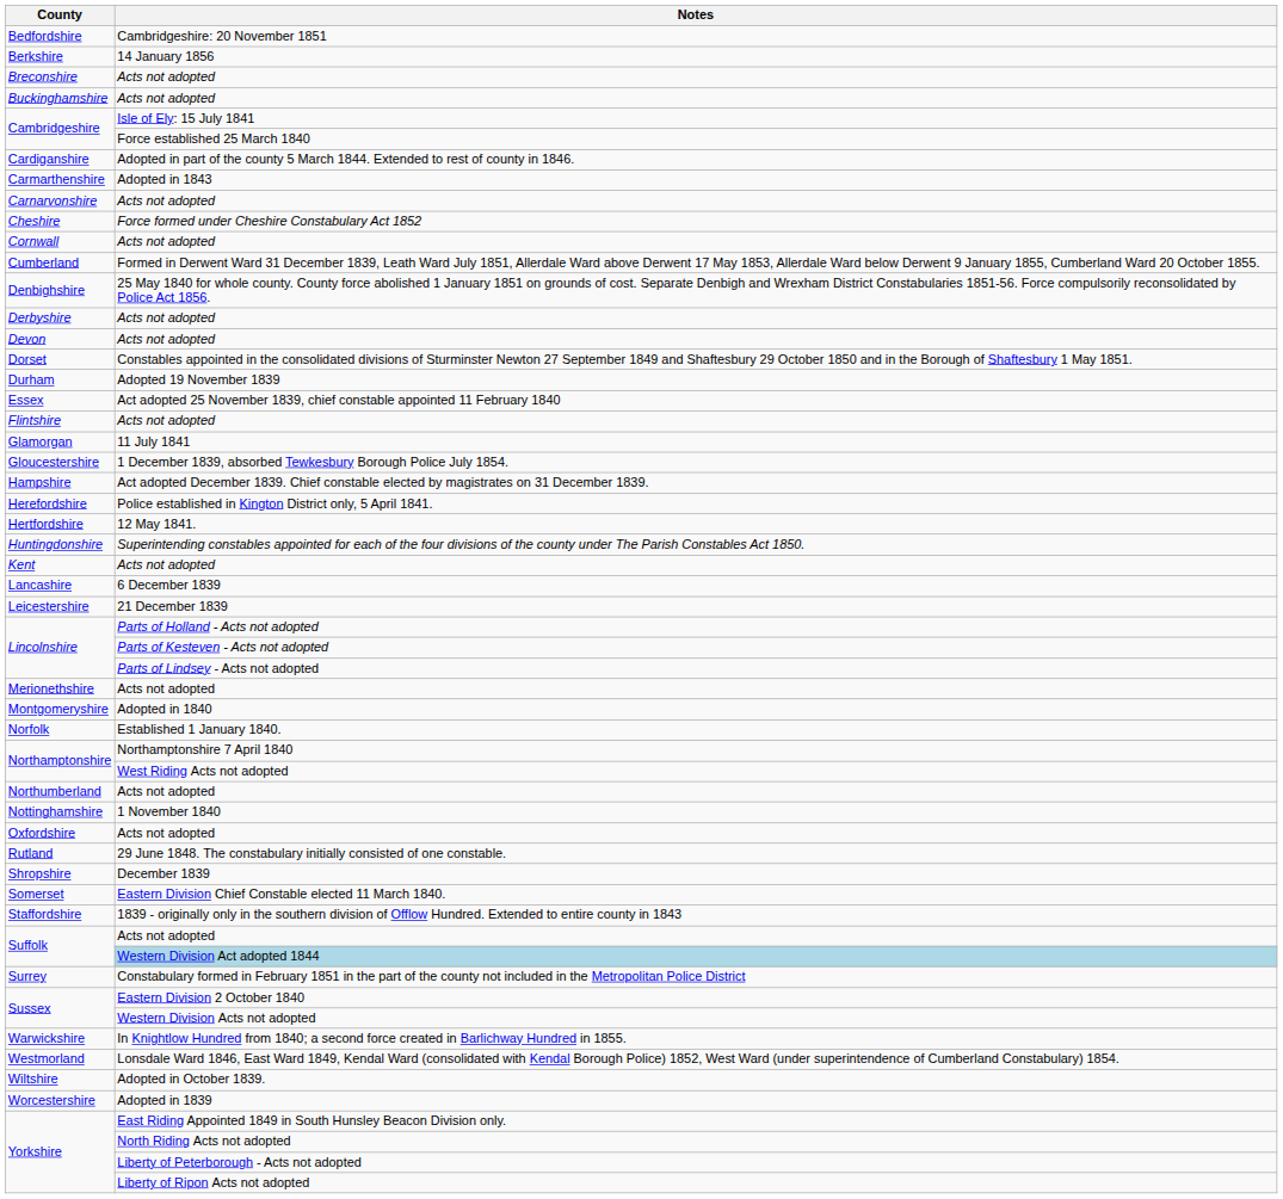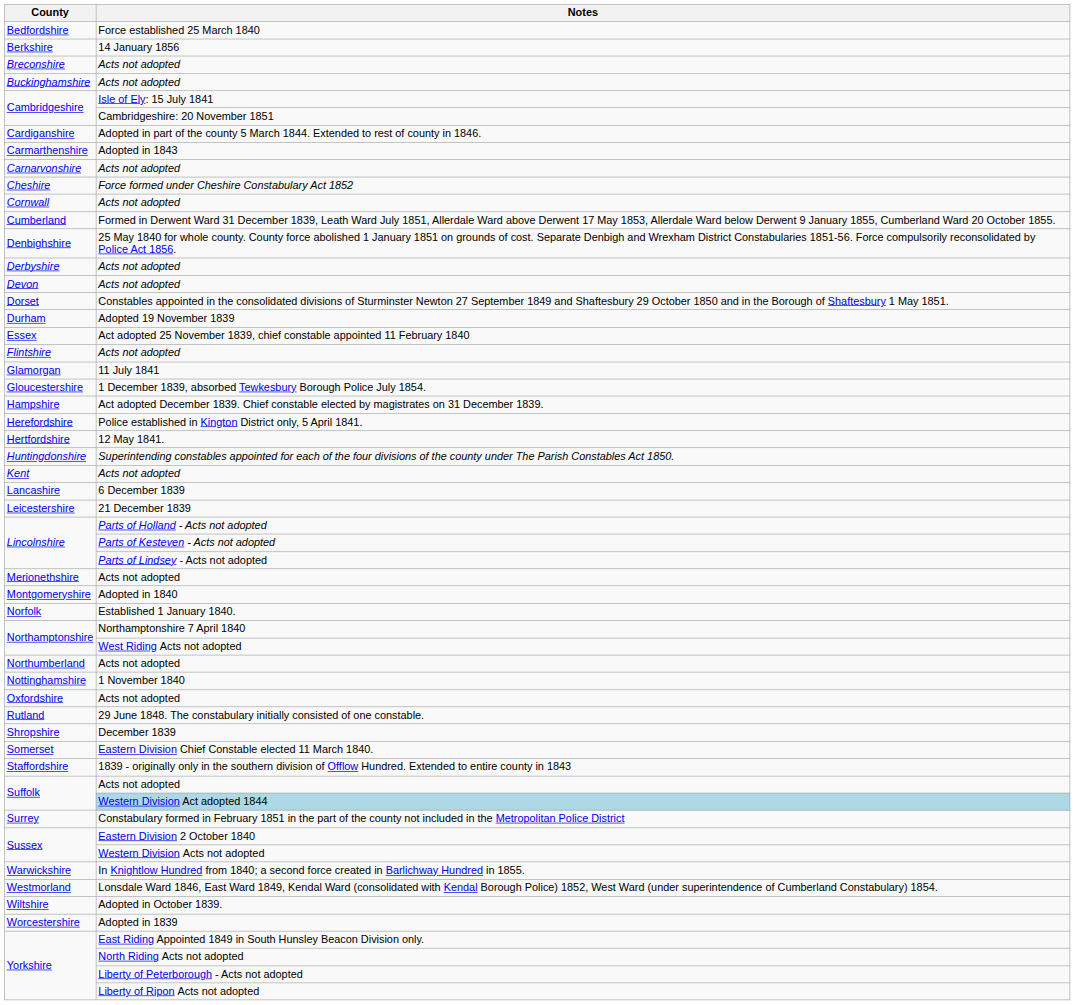 <table class="wikitable">
 <tr>
 <th>County</th>
 <th>Notes</th>
 </tr>
 <tr>
 <td><a href='#'>Bedfordshire</a></td>
-<td>Cambridgeshire: 20 November 1851</td>
+<td>Force established 25 March 1840</td>
 </tr>
 <tr>
 <td><a href='#'>Berkshire</a></td>
 <td>14 January 1856</td>
 </tr>
 <tr>
 <td><em><a href='#'>Breconshire</a></em></td>
 <td><em>Acts not adopted</em></td>
 </tr>
 <tr>
 <td><em><a href='#'>Buckinghamshire</a></em></td>
 <td><em>Acts not adopted</em></td>
 </tr>
 <tr>
 <td rowspan=2><a href='#'>Cambridgeshire</a></td>
 <td><a href='#'>Isle of Ely</a>: 15 July 1841</td>
 </tr>
 <tr>
-<td>Force established 25 March 1840</td>
+<td>Cambridgeshire: 20 November 1851</td>
 </tr>
 <tr>
 <td><a href='#'>Cardiganshire</a></td>
 <td>Adopted in part of the county 5 March 1844. Extended to rest of county in 1846.</td>
 </tr>
 <tr>
 <td><a href='#'>Carmarthenshire</a></td>
 <td>Adopted in 1843</td>
 </tr>
 <tr>
 <td><em><a href='#'>Carnarvonshire</a></em></td>
 <td><em>Acts not adopted</em></td>
 </tr>
 <tr>
 <td><em><a href='#'>Cheshire</a></em></td>
 <td><em>Force formed under Cheshire Constabulary Act 1852</em></td>
 </tr>
 <tr>
 <td><em><a href='#'>Cornwall</a></em></td>
 <td><em>Acts not adopted</em></td>
 </tr>
 <tr>
 <td><a href='#'>Cumberland</a></td>
 <td>Formed in Derwent Ward 31 December 1839, Leath Ward July 1851, Allerdale Ward above Derwent 17 May 1853, Allerdale Ward below Derwent 9 January 1855, Cumberland Ward 20 October 1855.</td>
 </tr>
 <tr>
 <td><a href='#'>Denbighshire</a></td>
 <td>25 May 1840 for whole county.  County force abolished 1 January 1851 on grounds of cost. Separate Denbigh and Wrexham District Constabularies 1851-56. Force compulsorily reconsolidated by <a href='#'>Police Act 1856</a>.</td>
 </tr>
 <tr>
 <td><em><a href='#'>Derbyshire</a></em></td>
 <td><em>Acts not adopted</em></td>
 </tr>
 <tr>
 <td><em><a href='#'>Devon</a></em></td>
 <td><em>Acts not adopted</em></td>
 </tr>
 <tr>
 <td><a href='#'>Dorset</a></td>
 <td>Constables appointed in the consolidated divisions of Sturminster Newton 27 September 1849 and Shaftesbury 29 October 1850 and in the Borough of <a href='#'>Shaftesbury</a> 1 May 1851.</td>
 </tr>
 <tr>
 <td><a href='#'>Durham</a></td>
 <td>Adopted 19 November 1839</td>
 </tr>
 <tr>
 <td><a href='#'>Essex</a></td>
 <td>Act adopted 25 November 1839, chief constable appointed 11 February 1840</td>
 </tr>
 <tr>
 <td><em><a href='#'>Flintshire</a></em></td>
 <td><em>Acts not adopted</em></td>
 </tr>
 <tr>
 <td><a href='#'>Glamorgan</a></td>
 <td>11 July 1841</td>
 </tr>
 <tr>
 <td><a href='#'>Gloucestershire</a></td>
 <td>1 December 1839, absorbed <a href='#'>Tewkesbury</a> Borough Police July 1854.</td>
 </tr>
 <tr>
 <td><a href='#'>Hampshire</a></td>
 <td>Act adopted December 1839. Chief constable elected by magistrates on 31 December 1839.</td>
 </tr>
 <tr>
 <td><a href='#'>Herefordshire</a></td>
 <td>Police established in <a href='#'>Kington</a> District only, 5 April 1841.</td>
 </tr>
 <tr>
 <td><a href='#'>Hertfordshire</a></td>
 <td>12 May 1841. </td>
 </tr>
 <tr>
 <td><em><a href='#'>Huntingdonshire</a></em></td>
 <td><em>Superintending constables appointed for each of the four divisions of the county under The Parish Constables Act 1850.</em></td>
 </tr>
 <tr>
 <td><em><a href='#'>Kent</a></em></td>
 <td><em>Acts not adopted</em></td>
 </tr>
 <tr>
 <td><a href='#'>Lancashire</a></td>
 <td>6 December 1839</td>
 </tr>
 <tr>
 <td><a href='#'>Leicestershire</a></td>
 <td>21 December 1839</td>
 </tr>
 <tr>
 <td rowspan=3><em><a href='#'>Lincolnshire</a></em></td>
 <td><em><a href='#'>Parts of Holland</a> - Acts not adopted</em></td>
 </tr>
 <tr>
 <td><em><a href='#'>Parts of Kesteven</a> - Acts not adopted</em></td>
 </tr>
 <tr>
 <td><em><a href='#'>Parts of Lindsey</a></em> - Acts not adopted<em></td>
 </tr>
 <tr>
 <td></em><a href='#'>Merionethshire</a><em></td>
 <td></em>Acts not adopted<em></td>
 </tr>
 <tr>
 <td><a href='#'>Montgomeryshire</a></td>
 <td>Adopted in 1840</td>
 </tr>
 <tr>
 <td><a href='#'>Norfolk</a></td>
 <td>Established 1 January 1840.</td>
 </tr>
 <tr>
 <td rowspan=2><a href='#'>Northamptonshire</a></td>
 <td>Northamptonshire 7 April 1840</td>
 </tr>
 <tr>
 <td></em><a href='#'>West Riding</a><em> </em>Acts not adopted<em></td>
 </tr>
 <tr>
 <td></em><a href='#'>Northumberland</a><em></td>
 <td></em>Acts not adopted<em></td>
 </tr>
 <tr>
 <td><a href='#'>Nottinghamshire</a></td>
 <td>1 November 1840 </td>
 </tr>
 <tr>
 <td></em><a href='#'>Oxfordshire</a><em></td>
 <td></em>Acts not adopted<em></td>
 </tr>
 <tr>
 <td><a href='#'>Rutland</a></td>
 <td>29 June 1848. The constabulary initially consisted of one constable.</td>
 </tr>
 <tr>
 <td><a href='#'>Shropshire</a></td>
 <td>December 1839</td>
 </tr>
 <tr>
 <td></em><a href='#'>Somerset</a><em></td>
 <td><a href='#'>Eastern Division</a> Chief Constable elected 11 March 1840.</td>
 </tr>
 <tr>
 <td><a href='#'>Staffordshire</a></td>
 <td>1839 - originally only in the southern division of <a href='#'>Offlow</a> Hundred. Extended to entire county in 1843 </td>
 </tr>
 <tr>
 <td rowspan=2><a href='#'>Suffolk</a></td>
 <td></em>Acts not adopted<em></td>
 </tr>
 <tr>
 <td style="background: lightblue;"><a href='#'>Western Division</a> Act adopted 1844 </td>
 </tr>
 <tr>
 <td><a href='#'>Surrey</a></td>
 <td>Constabulary formed in February 1851 in the part of the county not included in the <a href='#'>Metropolitan Police District</a></td>
 </tr>
 <tr>
 <td rowspan=2><a href='#'>Sussex</a></td>
 <td><a href='#'>Eastern Division</a> 2 October 1840</td>
 </tr>
 <tr>
 <td></em><a href='#'>Western Division</a><em> </em>Acts not adopted<em></td>
 </tr>
 <tr>
 <td><a href='#'>Warwickshire</a></td>
 <td>In <a href='#'>Knightlow Hundred</a> from 1840; a second force created in <a href='#'>Barlichway Hundred</a> in 1855.</td>
 </tr>
 <tr>
 <td><a href='#'>Westmorland</a></td>
 <td>Lonsdale Ward 1846, East Ward 1849, Kendal Ward (consolidated with <a href='#'>Kendal</a> Borough Police) 1852, West Ward (under superintendence of Cumberland Constabulary) 1854.</td>
 </tr>
 <tr>
 <td><a href='#'>Wiltshire</a></td>
 <td>Adopted in October 1839.</td>
 </tr>
 <tr>
 <td><a href='#'>Worcestershire</a></td>
 <td>Adopted in 1839</td>
 </tr>
 <tr>
 <td rowspan=4><a href='#'>Yorkshire</a></td>
 <td><a href='#'>East Riding</a> Appointed 1849 in South Hunsley Beacon Division only.</td>
 </tr>
 <tr>
 <td></em><a href='#'>North Riding</a><em> </em>Acts not adopted<em></td>
 </tr>
 <tr>
 <td></em><a href='#'>Liberty of Peterborough</a> - Acts not adopted<em></td>
 </tr>
 <tr>
 <td></em><a href='#'>Liberty of Ripon</a><em> </em>Acts not adopted<em></td>
 </tr>
 </table>
